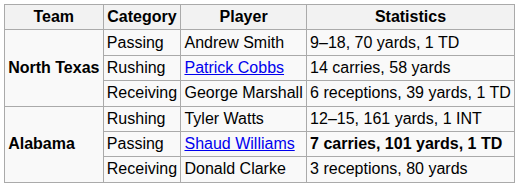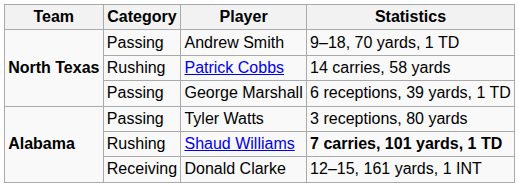 <table class="wikitable" style="float: right;">
 <tr>
 <th>Team</th>
 <th>Category</th>
 <th>Player</th>
 <th>Statistics</th>
 </tr>
 <tr>
 <td rowspan=3><strong>North Texas</strong></td>
 <td>Passing</td>
 <td>Andrew Smith</td>
 <td>9–18, 70 yards, 1 TD</td>
 </tr>
 <tr>
 <td>Rushing</td>
 <td><a href='#'>Patrick Cobbs</a></td>
 <td>14 carries, 58 yards</td>
 </tr>
 <tr>
-<td>Receiving</td>
+<td>Passing</td>
 <td>George Marshall</td>
 <td>6 receptions, 39 yards, 1 TD</td>
 </tr>
 <tr>
 <td rowspan=3><strong>Alabama</strong></td>
-<td>Rushing</td>
+<td>Passing</td>
 <td>Tyler Watts</td>
-<td>12–15, 161 yards, 1 INT</td>
+<td>3 receptions, 80 yards</td>
 </tr>
 <tr>
-<td>Passing</td>
+<td>Rushing</td>
 <td><a href='#'>Shaud Williams</a></td>
 <td><strong>7 carries, 101 yards, 1 TD</strong></td>
 </tr>
 <tr>
 <td>Receiving</td>
 <td>Donald Clarke</td>
-<td>3 receptions, 80 yards</td>
+<td>12–15, 161 yards, 1 INT</td>
 </tr>
 </table>
